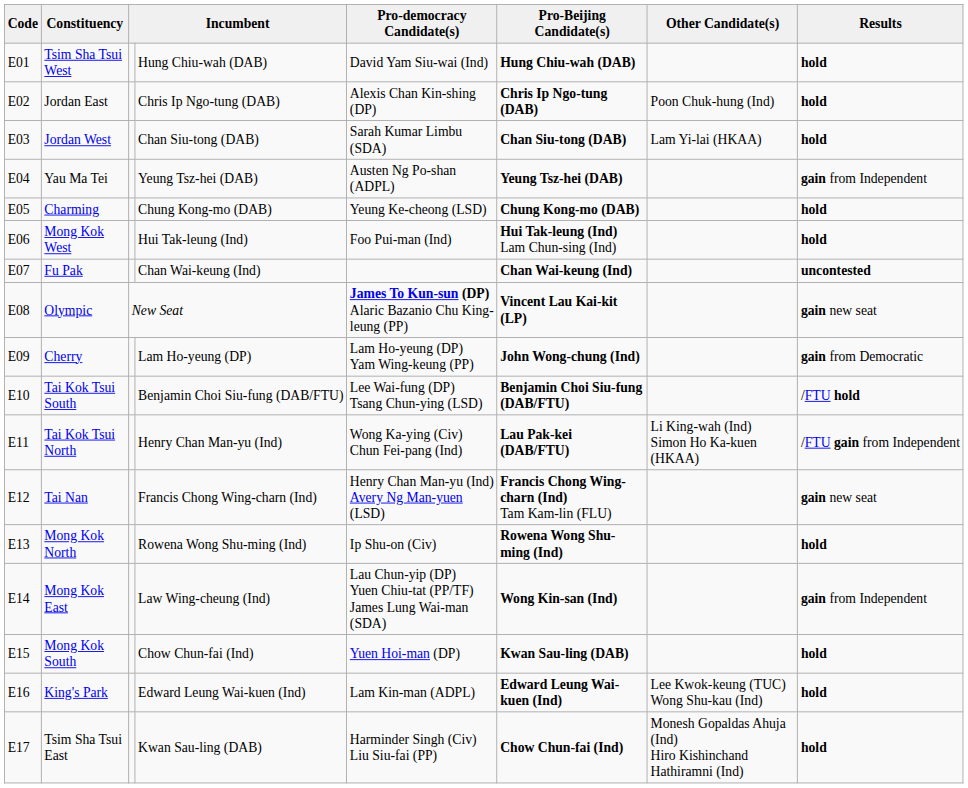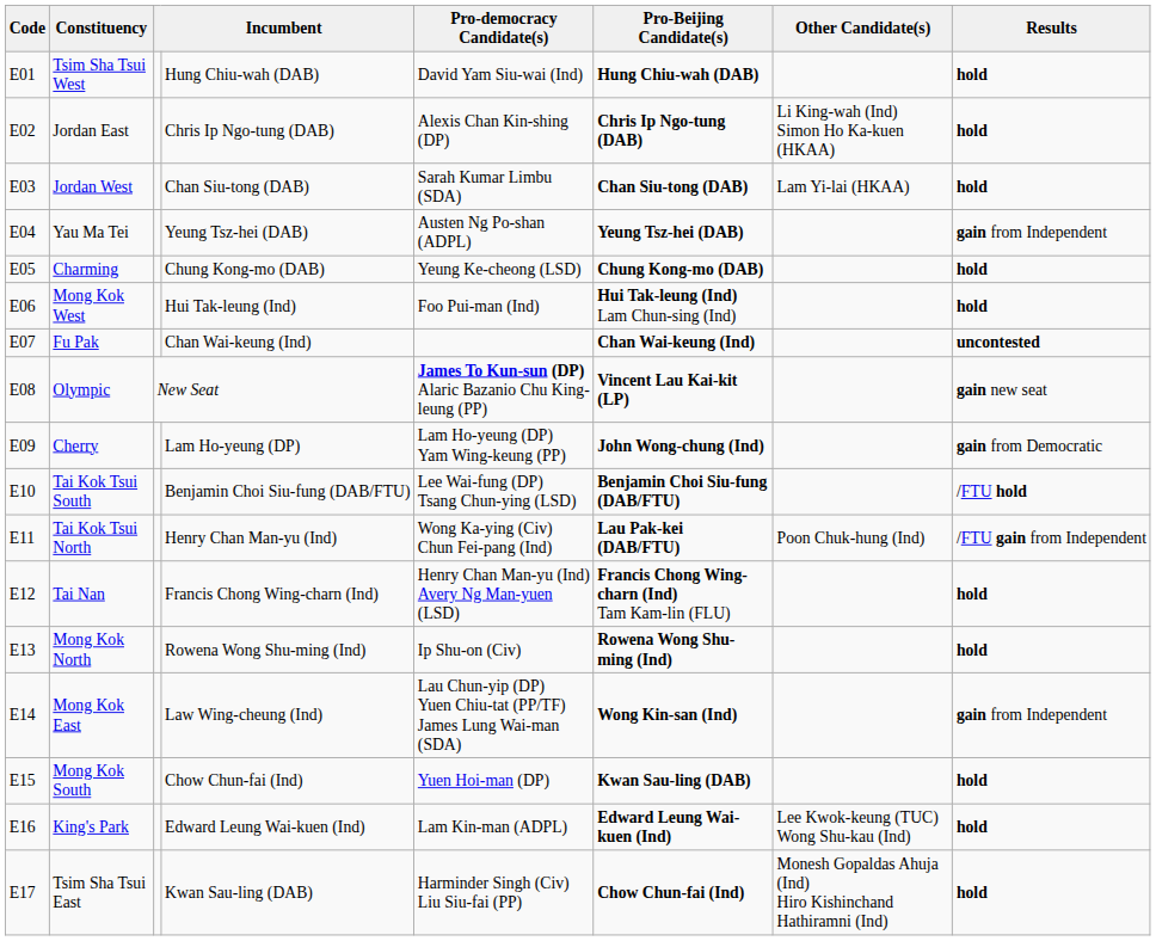 <table class="wikitable" style="font-size: 95%;">
 <tr>
 <th align="center" style="background:#f0f0f0;" width="20px">Code</th>
 <th align="center" style="background:#f0f0f0;" width="90px">Constituency</th>
 <th align="center" style="background:#f0f0f0;" width="120px" colspan=2>Incumbent</th>
 <th align="center" style="background:#f0f0f0;" width="160px">Pro-democracy Candidate(s)</th>
 <th align="center" style="background:#f0f0f0;" width="160px">Pro-Beijing Candidate(s)</th>
 <th align="center" style="background:#f0f0f0;" width="160px">Other Candidate(s)</th>
 <th align="center" style="background:#f0f0f0;" width="100px" colspan="2">Results</th>
 </tr>
 <tr>
 <td>E01</td>
 <td><a href='#'>Tsim Sha Tsui West</a></td>
 <td></td>
 <td>Hung Chiu-wah (DAB)</td>
 <td>David Yam Siu-wai (Ind)</td>
 <td><strong>Hung Chiu-wah (DAB)</strong></td>
 <td></td>
 <td> <strong>hold</strong></td>
 </tr>
 <tr>
 <td>E02</td>
 <td>Jordan East</td>
 <td></td>
 <td>Chris Ip Ngo-tung (DAB)</td>
 <td>Alexis Chan Kin-shing (DP)</td>
 <td><strong>Chris Ip Ngo-tung (DAB)</strong></td>
-<td>Poon Chuk-hung (Ind)</td>
+<td>Li King-wah (Ind) <br> Simon Ho Ka-kuen (HKAA)</td>
 <td> <strong>hold</strong></td>
 </tr>
 <tr>
 <td>E03</td>
 <td><a href='#'>Jordan West</a></td>
 <td></td>
 <td>Chan Siu-tong (DAB)</td>
 <td>Sarah Kumar Limbu (SDA)</td>
 <td><strong>Chan Siu-tong (DAB)</strong></td>
 <td>Lam Yi-lai (HKAA)</td>
 <td> <strong>hold</strong></td>
 </tr>
 <tr>
 <td>E04</td>
 <td>Yau Ma Tei</td>
 <td></td>
 <td>Yeung Tsz-hei (DAB)</td>
 <td>Austen Ng Po-shan (ADPL)</td>
 <td><strong>Yeung Tsz-hei (DAB)</strong></td>
 <td></td>
 <td> <strong>gain</strong> from Independent</td>
 </tr>
 <tr>
 <td>E05</td>
 <td><a href='#'>Charming</a></td>
 <td></td>
 <td>Chung Kong-mo (DAB)</td>
 <td>Yeung Ke-cheong (LSD)</td>
 <td><strong> Chung Kong-mo (DAB)</strong></td>
 <td></td>
 <td> <strong>hold</strong></td>
 </tr>
 <tr>
 <td>E06</td>
 <td><a href='#'>Mong Kok West</a></td>
 <td></td>
 <td>Hui Tak-leung (Ind)</td>
 <td>Foo Pui-man (Ind)</td>
 <td><strong>Hui Tak-leung (Ind)</strong><br>Lam Chun-sing (Ind)</td>
 <td></td>
 <td> <strong>hold</strong></td>
 </tr>
 <tr>
 <td>E07</td>
 <td><a href='#'>Fu Pak</a></td>
 <td></td>
 <td>Chan Wai-keung (Ind)</td>
 <td></td>
 <td><strong>Chan Wai-keung (Ind)</strong></td>
 <td></td>
 <td> <strong>uncontested</strong></td>
 </tr>
 <tr>
 <td>E08</td>
 <td><a href='#'>Olympic</a></td>
 <td colspan=2><em>New Seat</em></td>
 <td><strong><a href='#'>James To Kun-sun</a> (DP)</strong><br>Alaric Bazanio Chu King-leung (PP)</td>
 <td><strong>Vincent Lau Kai-kit (LP)</strong></td>
 <td></td>
 <td> <strong>gain</strong> new seat</td>
 </tr>
 <tr>
 <td>E09</td>
 <td><a href='#'>Cherry</a></td>
 <td></td>
 <td>Lam Ho-yeung (DP)</td>
 <td>Lam Ho-yeung (DP)<br>Yam Wing-keung (PP)</td>
 <td><strong>John Wong-chung (Ind)</strong></td>
 <td></td>
 <td> <strong>gain</strong> from Democratic</td>
 </tr>
 <tr>
 <td>E10</td>
 <td><a href='#'>Tai Kok Tsui South</a></td>
 <td></td>
 <td>Benjamin Choi Siu-fung (DAB/FTU)</td>
 <td>Lee Wai-fung (DP)<br>Tsang Chun-ying (LSD)</td>
 <td><strong>Benjamin Choi Siu-fung (DAB/FTU)</strong></td>
 <td></td>
 <td>/<a href='#'>FTU</a> <strong>hold</strong></td>
 </tr>
 <tr>
 <td>E11</td>
 <td><a href='#'>Tai Kok Tsui North</a></td>
 <td></td>
 <td>Henry Chan Man-yu (Ind)</td>
 <td>Wong Ka-ying (Civ)<br>Chun Fei-pang (Ind)</td>
 <td><strong>Lau Pak-kei (DAB/FTU)</strong></td>
-<td>Li King-wah (Ind) <br> Simon Ho Ka-kuen (HKAA)</td>
+<td>Poon Chuk-hung (Ind)</td>
 <td>/<a href='#'>FTU</a> <strong>gain</strong> from Independent</td>
 </tr>
 <tr>
 <td>E12</td>
 <td><a href='#'>Tai Nan</a></td>
 <td></td>
 <td>Francis Chong Wing-charn (Ind)</td>
 <td>Henry Chan Man-yu (Ind)<br><a href='#'>Avery Ng Man-yuen</a> (LSD)</td>
 <td><strong>Francis Chong Wing-charn (Ind)</strong><br>Tam Kam-lin (FLU)</td>
 <td></td>
-<td> <strong>gain</strong> new seat</td>
+<td> <strong>hold</strong></td>
 </tr>
 <tr>
 <td>E13</td>
 <td><a href='#'>Mong Kok North</a></td>
 <td></td>
 <td>Rowena Wong Shu-ming (Ind)</td>
 <td>Ip Shu-on (Civ)</td>
 <td><strong>Rowena Wong Shu-ming (Ind)</strong></td>
 <td></td>
 <td> <strong>hold</strong></td>
 </tr>
 <tr>
 <td>E14</td>
 <td><a href='#'>Mong Kok East</a></td>
 <td></td>
 <td>Law Wing-cheung (Ind)</td>
 <td>Lau Chun-yip (DP)<br>Yuen Chiu-tat (PP/TF)<br>James Lung Wai-man (SDA)</td>
 <td><strong>Wong Kin-san (Ind)</strong></td>
 <td></td>
 <td> <strong>gain</strong> from Independent</td>
 </tr>
 <tr>
 <td>E15</td>
 <td><a href='#'>Mong Kok South</a></td>
 <td></td>
 <td>Chow Chun-fai (Ind)</td>
 <td><a href='#'>Yuen Hoi-man</a> (DP)</td>
 <td><strong>Kwan Sau-ling (DAB)</strong></td>
 <td></td>
 <td> <strong>hold</strong></td>
 </tr>
 <tr>
 <td>E16</td>
 <td><a href='#'>King's Park</a></td>
 <td></td>
 <td>Edward Leung Wai-kuen (Ind)</td>
 <td>Lam Kin-man (ADPL)</td>
 <td><strong>Edward Leung Wai-kuen (Ind)</strong></td>
 <td>Lee Kwok-keung (TUC)<br>Wong Shu-kau (Ind)</td>
 <td> <strong>hold</strong></td>
 </tr>
 <tr>
 <td>E17</td>
 <td>Tsim Sha Tsui East</td>
 <td></td>
 <td>Kwan Sau-ling (DAB)</td>
 <td>Harminder Singh (Civ)<br>Liu Siu-fai (PP)</td>
 <td><strong>Chow Chun-fai (Ind)</strong></td>
 <td>Monesh Gopaldas Ahuja (Ind)<br> Hiro Kishinchand Hathiramni (Ind)</td>
 <td> <strong>hold</strong></td>
 </tr>
 </table>
